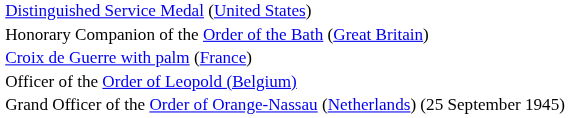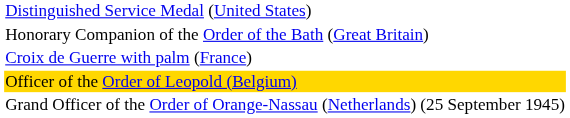 <table>
 <tr>
 <td> <a href='#'>Distinguished Service Medal</a> (<a href='#'>United States</a>)</td>
 </tr>
 <tr>
 <td> Honorary Companion of the <a href='#'>Order of the Bath</a> (<a href='#'>Great Britain</a>)</td>
 </tr>
 <tr>
 <td> <a href='#'>Croix de Guerre with palm</a> (<a href='#'>France</a>)</td>
 </tr>
 <tr>
-<td> Officer of the <a href='#'>Order of Leopold (Belgium)</a></td>
+<td style="background: gold;"> Officer of the <a href='#'>Order of Leopold (Belgium)</a></td>
 </tr>
 <tr>
 <td> Grand Officer of the <a href='#'>Order of Orange-Nassau</a> (<a href='#'>Netherlands</a>) (25 September 1945)</td>
 </tr>
 <tr>
 </tr>
 </table>
